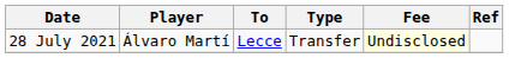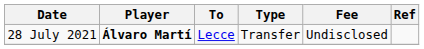 <table class="wikitable">
 <tr>
 <th>Date</th>
 <th>Player</th>
 <th>To</th>
 <th>Type</th>
 <th>Fee</th>
 <th>Ref</th>
 </tr>
 <tr>
 <td>28 July 2021</td>
-<td> Álvaro Martí</td>
+<td><strong> Álvaro Martí</strong></td>
 <td> <a href='#'>Lecce</a></td>
 <td align=center>Transfer</td>
-<td align=center style="background: lightyellow;">Undisclosed</td>
+<td align=center>Undisclosed</td>
 <td align=center></td>
 </tr>
 <tr>
 </tr>
 </table>
